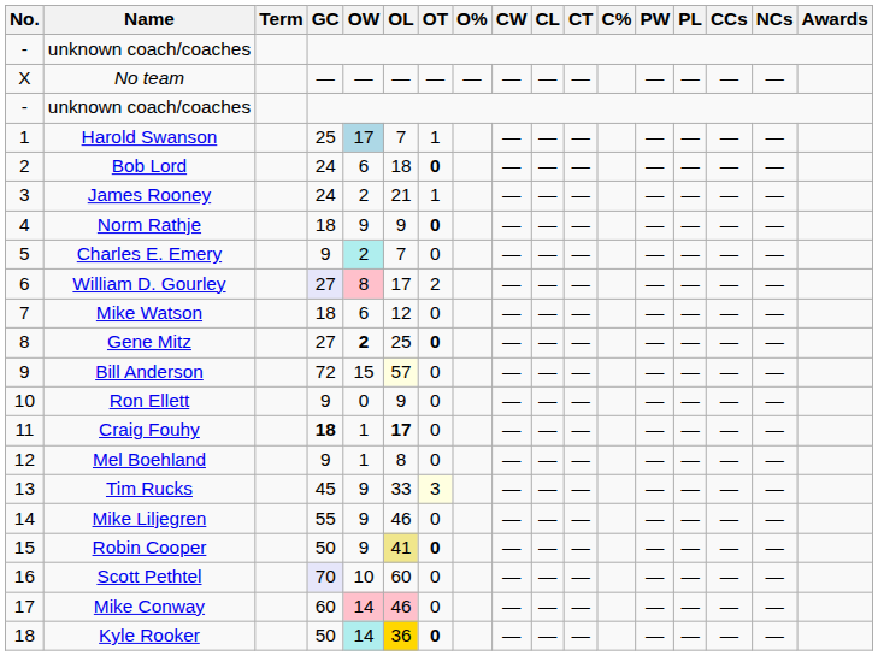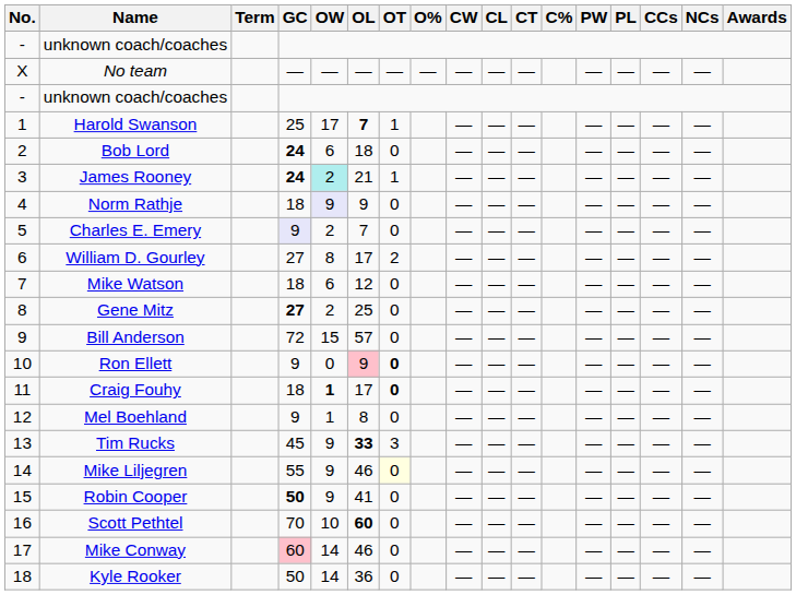 <table class="wikitable sortable" style="text-align:center">
 <tr>
 <th>No.</th>
 <th>Name</th>
 <th>Term</th>
 <th>GC</th>
 <th>OW</th>
 <th>OL</th>
 <th>OT</th>
 <th>O%</th>
 <th>CW</th>
 <th>CL</th>
 <th>CT</th>
 <th>C%</th>
 <th>PW</th>
 <th>PL</th>
 <th>CCs</th>
 <th>NCs</th>
 <th class="unsortable">Awards</th>
 </tr>
 <tr>
 <td>-</td>
 <td>unknown coach/coaches</td>
 <td></td>
 </tr>
 <tr>
 <td>X</td>
 <td><em>No team</em></td>
 <td></td>
 <td>—</td>
 <td>—</td>
 <td>—</td>
 <td>—</td>
 <td>—</td>
 <td>—</td>
 <td>—</td>
 <td>—</td>
 <td></td>
 <td>—</td>
 <td>—</td>
 <td>—</td>
 <td>—</td>
 <td></td>
 </tr>
 <tr>
 <td>-</td>
 <td>unknown coach/coaches</td>
 <td></td>
 </tr>
 <tr>
 <td>1</td>
 <td><a href='#'>Harold Swanson</a></td>
 <td></td>
 <td>25</td>
-<td style="background: lightblue;">17</td>
-<td>7</td>
+<td>17</td>
+<td><strong>7</strong></td>
 <td>1</td>
 <td></td>
 <td>—</td>
 <td>—</td>
 <td>—</td>
 <td></td>
 <td>—</td>
 <td>—</td>
 <td>—</td>
 <td>—</td>
 <td></td>
 </tr>
 <tr>
 <td>2</td>
 <td><a href='#'>Bob Lord</a></td>
 <td></td>
-<td>24</td>
+<td><strong>24</strong></td>
 <td>6</td>
 <td>18</td>
-<td><strong>0</strong></td>
+<td>0</td>
 <td></td>
 <td>—</td>
 <td>—</td>
 <td>—</td>
 <td></td>
 <td>—</td>
 <td>—</td>
 <td>—</td>
 <td>—</td>
 <td></td>
 </tr>
 <tr>
 <td>3</td>
 <td><a href='#'>James Rooney</a></td>
 <td></td>
-<td>24</td>
-<td>2</td>
+<td><strong>24</strong></td>
+<td style="background: paleturquoise;">2</td>
 <td>21</td>
 <td>1</td>
 <td></td>
 <td>—</td>
 <td>—</td>
 <td>—</td>
 <td></td>
 <td>—</td>
 <td>—</td>
 <td>—</td>
 <td>—</td>
 <td></td>
 </tr>
 <tr>
 <td>4</td>
 <td><a href='#'>Norm Rathje</a></td>
 <td></td>
 <td>18</td>
+<td style="background: lavender;">9</td>
 <td>9</td>
-<td>9</td>
-<td><strong>0</strong></td>
+<td>0</td>
 <td></td>
 <td>—</td>
 <td>—</td>
 <td>—</td>
 <td></td>
 <td>—</td>
 <td>—</td>
 <td>—</td>
 <td>—</td>
 <td></td>
 </tr>
 <tr>
 <td>5</td>
 <td><a href='#'>Charles E. Emery</a></td>
 <td></td>
-<td>9</td>
-<td style="background: paleturquoise;">2</td>
+<td style="background: lavender;">9</td>
+<td>2</td>
 <td>7</td>
 <td>0</td>
 <td></td>
 <td>—</td>
 <td>—</td>
 <td>—</td>
 <td></td>
 <td>—</td>
 <td>—</td>
 <td>—</td>
 <td>—</td>
 <td></td>
 </tr>
 <tr>
 <td>6</td>
 <td><a href='#'>William D. Gourley</a></td>
 <td></td>
-<td style="background: lavender;">27</td>
-<td style="background: pink;">8</td>
+<td>27</td>
+<td>8</td>
 <td>17</td>
 <td>2</td>
 <td></td>
 <td>—</td>
 <td>—</td>
 <td>—</td>
 <td></td>
 <td>—</td>
 <td>—</td>
 <td>—</td>
 <td>—</td>
 <td></td>
 </tr>
 <tr>
 <td>7</td>
 <td><a href='#'>Mike Watson</a></td>
 <td></td>
 <td>18</td>
 <td>6</td>
 <td>12</td>
 <td>0</td>
 <td></td>
 <td>—</td>
 <td>—</td>
 <td>—</td>
 <td></td>
 <td>—</td>
 <td>—</td>
 <td>—</td>
 <td>—</td>
 <td></td>
 </tr>
 <tr>
 <td>8</td>
 <td><a href='#'>Gene Mitz</a></td>
 <td></td>
-<td>27</td>
-<td><strong>2</strong></td>
+<td><strong>27</strong></td>
+<td>2</td>
 <td>25</td>
-<td><strong>0</strong></td>
+<td>0</td>
 <td></td>
 <td>—</td>
 <td>—</td>
 <td>—</td>
 <td></td>
 <td>—</td>
 <td>—</td>
 <td>—</td>
 <td>—</td>
 <td></td>
 </tr>
 <tr>
 <td>9</td>
 <td><a href='#'>Bill Anderson</a></td>
 <td></td>
 <td>72</td>
 <td>15</td>
-<td style="background: lightyellow;">57</td>
+<td>57</td>
 <td>0</td>
 <td></td>
 <td>—</td>
 <td>—</td>
 <td>—</td>
 <td></td>
 <td>—</td>
 <td>—</td>
 <td>—</td>
 <td>—</td>
 <td></td>
 </tr>
 <tr>
 <td>10</td>
 <td><a href='#'>Ron Ellett</a></td>
 <td></td>
 <td>9</td>
 <td>0</td>
-<td>9</td>
-<td>0</td>
+<td style="background: pink;">9</td>
+<td><strong>0</strong></td>
 <td></td>
 <td>—</td>
 <td>—</td>
 <td>—</td>
 <td></td>
 <td>—</td>
 <td>—</td>
 <td>—</td>
 <td>—</td>
 <td></td>
 </tr>
 <tr>
 <td>11</td>
 <td><a href='#'>Craig Fouhy</a></td>
 <td></td>
-<td><strong>18</strong></td>
-<td>1</td>
-<td><strong>17</strong></td>
-<td>0</td>
+<td>18</td>
+<td><strong>1</strong></td>
+<td>17</td>
+<td><strong>0</strong></td>
 <td></td>
 <td>—</td>
 <td>—</td>
 <td>—</td>
 <td></td>
 <td>—</td>
 <td>—</td>
 <td>—</td>
 <td>—</td>
 <td></td>
 </tr>
 <tr>
 <td>12</td>
 <td><a href='#'>Mel Boehland</a></td>
 <td></td>
 <td>9</td>
 <td>1</td>
 <td>8</td>
 <td>0</td>
 <td></td>
 <td>—</td>
 <td>—</td>
 <td>—</td>
 <td></td>
 <td>—</td>
 <td>—</td>
 <td>—</td>
 <td>—</td>
 <td></td>
 </tr>
 <tr>
 <td>13</td>
 <td><a href='#'>Tim Rucks</a></td>
 <td></td>
 <td>45</td>
 <td>9</td>
-<td>33</td>
-<td style="background: lightyellow;">3</td>
+<td><strong>33</strong></td>
+<td>3</td>
 <td></td>
 <td>—</td>
 <td>—</td>
 <td>—</td>
 <td></td>
 <td>—</td>
 <td>—</td>
 <td>—</td>
 <td>—</td>
 <td></td>
 </tr>
 <tr>
 <td>14</td>
 <td><a href='#'>Mike Liljegren</a></td>
 <td></td>
 <td>55</td>
 <td>9</td>
 <td>46</td>
-<td>0</td>
+<td style="background: lightyellow;">0</td>
 <td></td>
 <td>—</td>
 <td>—</td>
 <td>—</td>
 <td></td>
 <td>—</td>
 <td>—</td>
 <td>—</td>
 <td>—</td>
 <td></td>
 </tr>
 <tr>
 <td>15</td>
 <td><a href='#'>Robin Cooper</a></td>
 <td></td>
-<td>50</td>
+<td><strong>50</strong></td>
 <td>9</td>
-<td style="background: khaki;">41</td>
-<td><strong>0</strong></td>
+<td>41</td>
+<td>0</td>
 <td></td>
 <td>—</td>
 <td>—</td>
 <td>—</td>
 <td></td>
 <td>—</td>
 <td>—</td>
 <td>—</td>
 <td>—</td>
 <td></td>
 </tr>
 <tr>
 <td>16</td>
 <td><a href='#'>Scott Pethtel</a></td>
 <td></td>
-<td style="background: lavender;">70</td>
+<td>70</td>
 <td>10</td>
-<td>60</td>
+<td><strong>60</strong></td>
 <td>0</td>
 <td></td>
 <td>—</td>
 <td>—</td>
 <td>—</td>
 <td></td>
 <td>—</td>
 <td>—</td>
 <td>—</td>
 <td>—</td>
 <td></td>
 </tr>
 <tr>
 <td>17</td>
 <td><a href='#'>Mike Conway</a></td>
 <td></td>
-<td>60</td>
-<td style="background: pink;">14</td>
-<td style="background: pink;">46</td>
+<td style="background: pink;">60</td>
+<td>14</td>
+<td>46</td>
 <td>0</td>
 <td></td>
 <td>—</td>
 <td>—</td>
 <td>—</td>
 <td></td>
 <td>—</td>
 <td>—</td>
 <td>—</td>
 <td>—</td>
 <td></td>
 </tr>
 <tr>
 <td>18</td>
 <td><a href='#'>Kyle Rooker</a></td>
 <td></td>
 <td>50</td>
-<td style="background: paleturquoise;">14</td>
-<td style="background: gold;">36</td>
-<td><strong>0</strong></td>
+<td>14</td>
+<td>36</td>
+<td>0</td>
 <td></td>
 <td>—</td>
 <td>—</td>
 <td>—</td>
 <td></td>
 <td>—</td>
 <td>—</td>
 <td>—</td>
 <td>—</td>
 <td></td>
 </tr>
 </table>
